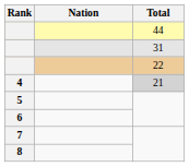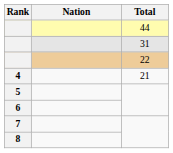 <table class="wikitable sortable" style="text-align:center; font-size:85%">
 <tr>
 <th scope="col" style="width:25px;">Rank</th>
 <th ! scope="col" style="width:120px;">Nation</th>
 <th ! scope="col" style="width:60px;">Total</th>
 </tr>
 <tr bgcolor=fffcaf>
 <th scope=row></th>
 <td align=left></td>
 <td>44</td>
 </tr>
 <tr bgcolor=e5e5e5>
 <th scope=row></th>
 <td align=left></td>
 <td>31</td>
 </tr>
 <tr bgcolor=eecc99>
 <th scope=row></th>
 <td align=left></td>
 <td>22</td>
 </tr>
 <tr>
 <th scope=row>4</th>
 <td align=left></td>
-<td style="background: lightgrey;">21</td>
+<td>21</td>
 </tr>
 <tr>
 <th scope=row>5</th>
 <td align=left></td>
 <td rowspan=2></td>
 </tr>
 <tr>
 <th scope=row>6</th>
 <td align=left></td>
 </tr>
 <tr>
 <th scope=row>7</th>
 <td align=left></td>
 <td rowspan=2></td>
 </tr>
 <tr>
 <th scope=row>8</th>
 <td align=left></td>
 </tr>
 </table>
